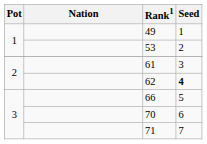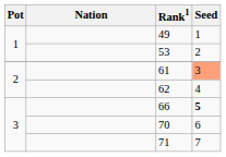 <table class="wikitable">
 <tr>
 <th>Pot</th>
 <th width="175">Nation</th>
 <th>Rank<sup>1</sup></th>
 <th>Seed</th>
 </tr>
 <tr>
 <td rowspan=2 style="text-align:center;">1</td>
 <td></td>
 <td>49</td>
 <td>1</td>
 </tr>
 <tr>
 <td></td>
 <td>53</td>
 <td>2</td>
 </tr>
 <tr>
 </tr>
 <tr>
 <td rowspan=2 style="text-align:center;">2</td>
 <td></td>
 <td>61</td>
-<td>3</td>
+<td style="background: lightsalmon;">3</td>
 </tr>
 <tr>
 <td></td>
 <td>62</td>
-<td><strong>4</strong></td>
+<td>4</td>
 </tr>
 <tr>
 <td rowspan=3 style="text-align:center;">3</td>
 <td></td>
 <td>66</td>
-<td>5</td>
+<td><strong>5</strong></td>
 </tr>
 <tr>
 <td></td>
 <td>70</td>
 <td>6</td>
 </tr>
 <tr>
 <td></td>
 <td>71</td>
 <td>7</td>
 </tr>
 </table>
